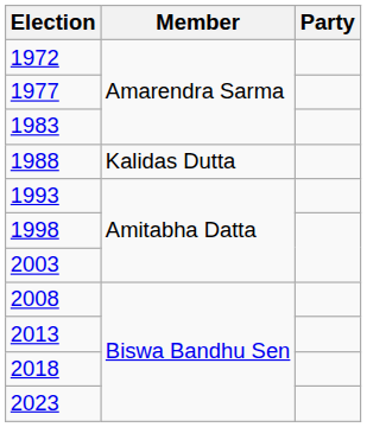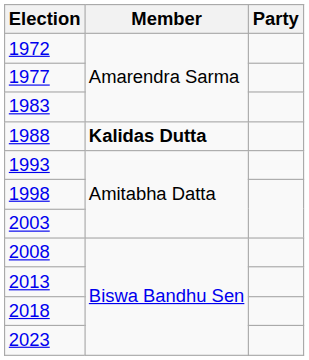 <table class="wikitable sortable">
 <tr>
 <th>Election</th>
 <th>Member</th>
 <th colspan=2>Party</th>
 </tr>
 <tr>
 <td><a href='#'>1972</a></td>
 <td rowspan=3>Amarendra Sarma</td>
 <td></td>
 </tr>
 <tr>
 <td><a href='#'>1977</a></td>
 <td></td>
 </tr>
 <tr>
 <td><a href='#'>1983</a></td>
 </tr>
 <tr>
 <td><a href='#'>1988</a></td>
-<td>Kalidas Dutta</td>
+<td><strong>Kalidas Dutta</strong></td>
 <td></td>
 </tr>
 <tr>
 <td><a href='#'>1993</a></td>
 <td rowspan=3>Amitabha Datta</td>
 <td></td>
 </tr>
 <tr>
 <td><a href='#'>1998</a></td>
 </tr>
 <tr>
 <td><a href='#'>2003</a></td>
 </tr>
 <tr>
 <td><a href='#'>2008</a></td>
 <td rowspan=4><a href='#'>Biswa Bandhu Sen</a></td>
 <td></td>
 </tr>
 <tr>
 <td><a href='#'>2013</a></td>
 </tr>
 <tr>
 <td><a href='#'>2018</a></td>
 <td></td>
 </tr>
 <tr>
 <td><a href='#'>2023</a></td>
 </tr>
 </table>
